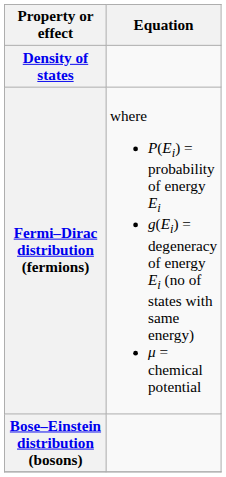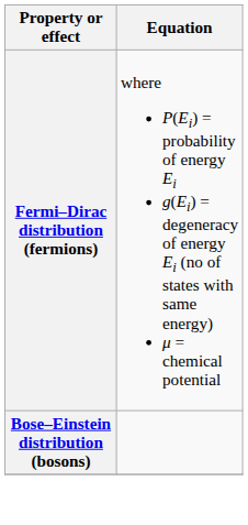 <table class="wikitable">
 <tr>
 <th scope="col" width="100">Property or effect</th>
 <th scope="col" width="10">Equation</th>
-</tr>
-<tr>
-<th><a href='#'>Density of states</a></th>
-<td></td>
 </tr>
 <tr>
 <th><a href='#'>Fermi–Dirac distribution</a> (fermions)</th>
 <td><br>where <ul><li><em>P</em>(<em>E<sub>i</sub></em>) = probability of energy <em>E<sub>i</sub></em></li><li><em>g</em>(<em>E<sub>i</sub></em>) = degeneracy of energy <em>E<sub>i</sub></em> (no of states with same energy)</li><li><em>μ</em> = chemical potential</li></ul></td>
 </tr>
 <tr>
 <th><a href='#'>Bose–Einstein distribution</a> (bosons)</th>
 <td></td>
 </tr>
 <tr>
 </tr>
 </table>
